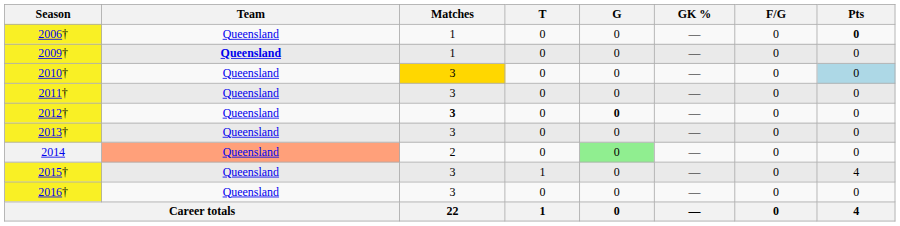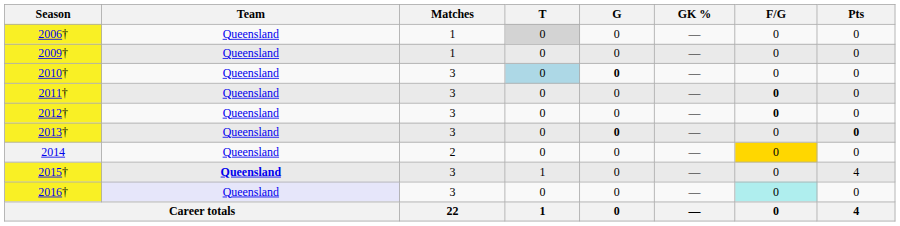 <table class="wikitable sortable"  style="font-size:90%; text-align:center; width:85%;">
 <tr>
 <th width=2%>Season</th>
 <th width=8%>Team</th>
 <th width=2%>Matches</th>
 <th width=2%>T</th>
 <th width=2%>G</th>
 <th width=2%>GK %</th>
 <th width=2%>F/G</th>
 <th width=2%>Pts</th>
 </tr>
 <tr>
 <th scope="row" style="text-align:center;background:#f9f025; font-weight:normal"><a href='#'>2006</a>†</th>
 <td style="text-align:center;"> <a href='#'>Queensland</a></td>
 <td>1</td>
-<td>0</td>
+<td style="background: lightgrey;">0</td>
 <td>0</td>
 <td>—</td>
 <td>0</td>
-<td><strong>0</strong></td>
+<td>0</td>
 </tr>
 <tr style="background-color: #EAEAEA">
 <th scope="row" style="text-align:center;background:#f9f025; font-weight:normal"><a href='#'>2009</a>†</th>
-<td style="text-align:center;"><strong> <a href='#'>Queensland</a></strong></td>
+<td style="text-align:center;"> <a href='#'>Queensland</a></td>
 <td>1</td>
 <td>0</td>
 <td>0</td>
 <td>—</td>
 <td>0</td>
 <td>0</td>
 </tr>
 <tr>
 <th scope="row" style="text-align:center;background:#f9f025; font-weight:normal"><a href='#'>2010</a>†</th>
 <td style="text-align:center;"> <a href='#'>Queensland</a></td>
-<td style="background: gold;">3</td>
+<td>3</td>
+<td style="background: lightblue;">0</td>
+<td><strong>0</strong></td>
+<td>—</td>
 <td>0</td>
 <td>0</td>
-<td>—</td>
-<td>0</td>
-<td style="background: lightblue;">0</td>
 </tr>
 <tr style="background-color: #EAEAEA">
 <th scope="row" style="text-align:center;background:#f9f025; font-weight:normal"><a href='#'>2011</a>†</th>
 <td style="text-align:center;"> <a href='#'>Queensland</a></td>
 <td>3</td>
 <td>0</td>
 <td>0</td>
 <td>—</td>
-<td>0</td>
+<td><strong>0</strong></td>
 <td>0</td>
 </tr>
 <tr>
 <th scope="row" style="text-align:center;background:#f9f025; font-weight:normal"><a href='#'>2012</a>†</th>
 <td style="text-align:center;"> <a href='#'>Queensland</a></td>
-<td><strong>3</strong></td>
+<td>3</td>
 <td>0</td>
+<td>0</td>
+<td>—</td>
 <td><strong>0</strong></td>
-<td>—</td>
-<td>0</td>
 <td>0</td>
 </tr>
 <tr style="background-color: #EAEAEA">
 <th scope="row" style="text-align:center;background:#f9f025; font-weight:normal"><a href='#'>2013</a>†</th>
 <td style="text-align:center;"> <a href='#'>Queensland</a></td>
 <td>3</td>
 <td>0</td>
-<td>0</td>
+<td><strong>0</strong></td>
 <td>—</td>
 <td>0</td>
-<td>0</td>
+<td><strong>0</strong></td>
 </tr>
 <tr>
 <th scope="row" style="text-align:center; font-weight:normal"><a href='#'>2014</a></th>
-<td style="background: lightsalmon; text-align:center;"> <a href='#'>Queensland</a></td>
+<td style="text-align:center;"> <a href='#'>Queensland</a></td>
 <td>2</td>
 <td>0</td>
-<td style="background: lightgreen;">0</td>
+<td>0</td>
 <td>—</td>
-<td>0</td>
+<td style="background: gold;">0</td>
 <td>0</td>
 </tr>
 <tr style="background-color: #EAEAEA">
 <th scope="row" style="text-align:center;background:#f9f025; font-weight:normal"><a href='#'>2015</a>†</th>
-<td style="text-align:center;"> <a href='#'>Queensland</a></td>
+<td style="text-align:center;"><strong> <a href='#'>Queensland</a></strong></td>
 <td>3</td>
 <td>1</td>
 <td>0</td>
 <td>—</td>
 <td>0</td>
 <td>4</td>
 </tr>
 <tr>
 <th scope="row" style="text-align:center;background:#f9f025; font-weight:normal"><a href='#'>2016</a>†</th>
-<td style="text-align:center;"> <a href='#'>Queensland</a></td>
+<td style="background: lavender; text-align:center;"> <a href='#'>Queensland</a></td>
 <td>3</td>
 <td>0</td>
 <td>0</td>
 <td>—</td>
-<td>0</td>
+<td style="background: paleturquoise;">0</td>
 <td>0</td>
 </tr>
 <tr class="sortbottom">
 <th colspan=2>Career totals</th>
 <th>22</th>
 <th>1</th>
 <th>0</th>
 <th>—</th>
 <th>0</th>
 <th>4</th>
 </tr>
 </table>
